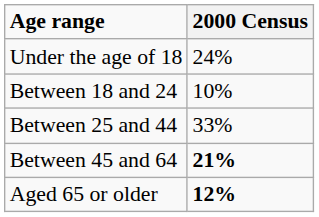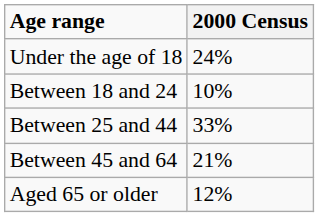 <table class="wikitable sortable">
 <tr>
 <td><strong>Age range</strong></td>
 <th>2000 Census</th>
 </tr>
 <tr>
 <td>Under the age of 18</td>
 <td>24%</td>
 </tr>
 <tr>
 <td>Between 18 and 24</td>
 <td>10%</td>
 </tr>
 <tr>
 <td>Between 25 and 44</td>
 <td>33%</td>
 </tr>
 <tr>
 <td>Between 45 and 64</td>
-<td><strong>21%</strong></td>
+<td>21%</td>
 </tr>
 <tr>
 <td>Aged 65 or older</td>
-<td><strong>12%</strong></td>
+<td>12%</td>
 </tr>
 </table>
